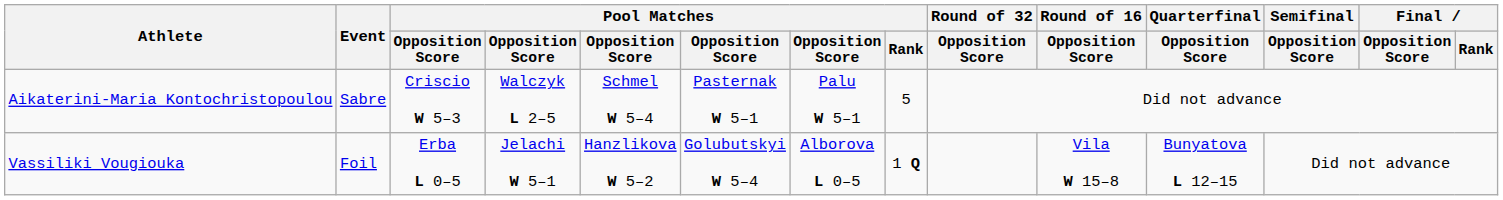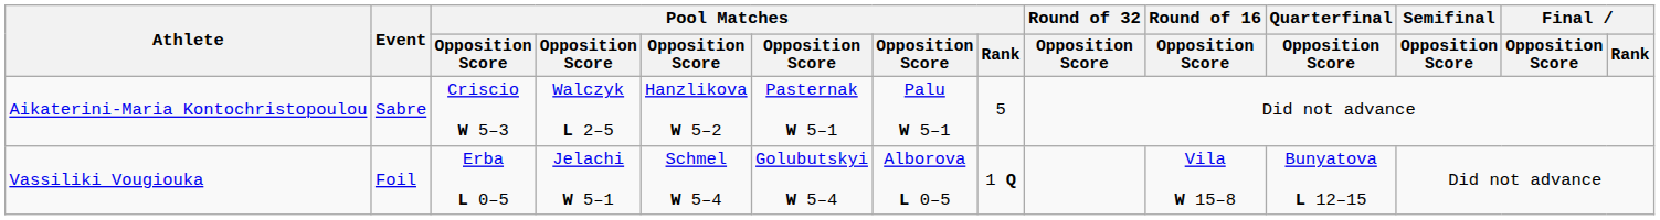 <table class="wikitable" style="font-size:90%">
 <tr>
 <th rowspan=2>Athlete</th>
 <th rowspan=2>Event</th>
 <th colspan=6>Pool Matches</th>
 <th>Round of 32</th>
 <th>Round of 16</th>
 <th>Quarterfinal</th>
 <th>Semifinal</th>
 <th colspan=2>Final / </th>
 </tr>
 <tr style="font-size:95%">
 <th>Opposition<br>Score</th>
 <th>Opposition<br>Score</th>
 <th>Opposition<br>Score</th>
 <th>Opposition<br>Score</th>
 <th>Opposition<br>Score</th>
 <th>Rank</th>
 <th>Opposition<br>Score</th>
 <th>Opposition<br>Score</th>
 <th>Opposition<br>Score</th>
 <th>Opposition<br>Score</th>
 <th>Opposition<br>Score</th>
 <th>Rank</th>
 </tr>
 <tr align=center>
 <td align=left><a href='#'>Aikaterini-Maria Kontochristopoulou</a></td>
 <td align=left><a href='#'>Sabre</a></td>
 <td><a href='#'>Criscio</a><br><br><strong>W</strong> 5–3</td>
 <td><a href='#'>Walczyk</a><br><br><strong>L</strong> 2–5</td>
-<td><a href='#'>Schmel</a><br><br><strong>W</strong> 5–4</td>
+<td><a href='#'>Hanzlikova</a><br><br><strong>W</strong> 5–2</td>
 <td><a href='#'>Pasternak</a><br><br><strong>W</strong> 5–1</td>
 <td><a href='#'>Palu</a><br><br><strong>W</strong> 5–1</td>
 <td>5</td>
 <td colspan=6>Did not advance</td>
 </tr>
 <tr align=center>
 <td align=left><a href='#'>Vassiliki Vougiouka</a></td>
 <td align=left><a href='#'>Foil</a></td>
 <td><a href='#'>Erba</a><br><br><strong>L</strong> 0–5</td>
 <td><a href='#'>Jelachi</a><br><br><strong>W</strong> 5–1</td>
-<td><a href='#'>Hanzlikova</a><br><br><strong>W</strong> 5–2</td>
+<td><a href='#'>Schmel</a><br><br><strong>W</strong> 5–4</td>
 <td><a href='#'>Golubutskyi</a><br><br><strong>W</strong> 5–4</td>
 <td><a href='#'>Alborova</a><br><br><strong>L</strong> 0–5</td>
 <td>1 <strong>Q</strong></td>
 <td></td>
 <td><a href='#'>Vila</a><br><br><strong>W</strong> 15–8</td>
 <td><a href='#'>Bunyatova</a><br><br><strong>L</strong> 12–15</td>
 <td colspan=3>Did not advance</td>
 </tr>
 </table>
